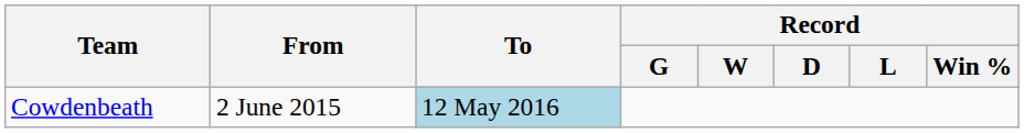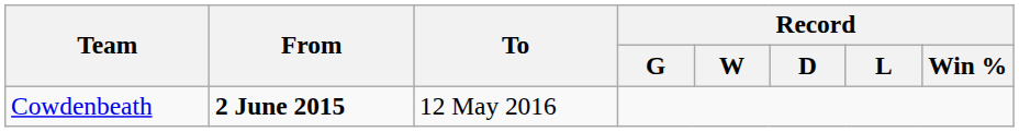 <table class="wikitable" style="text-align: center">
 <tr>
 <th rowspan=2! width=120>Team</th>
 <th rowspan=2! width=120>From</th>
 <th rowspan=2! width=120>To</th>
 <th colspan="5">Record</th>
 </tr>
 <tr>
 <th width=40>G</th>
 <th width=40>W</th>
 <th width=40>D</th>
 <th width=40>L</th>
 <th width=50>Win %</th>
 </tr>
 <tr>
 <td align=left><a href='#'>Cowdenbeath</a></td>
-<td align=left>2 June 2015</td>
-<td align=left style="background: lightblue;">12 May 2016<br></td>
+<td align=left><strong>2 June 2015</strong></td>
+<td align=left>12 May 2016<br></td>
 </tr>
 </table>
